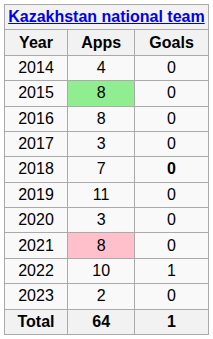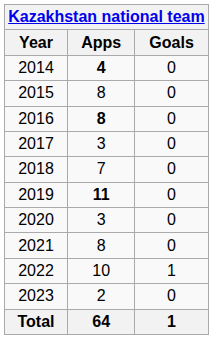 <table class=wikitable style="text-align: center;">
 <tr>
 <th colspan=3><a href='#'>Kazakhstan national team</a></th>
 </tr>
 <tr>
 <th>Year</th>
 <th>Apps</th>
 <th>Goals</th>
 </tr>
 <tr>
 <td>2014</td>
-<td>4</td>
+<td><strong>4</strong></td>
 <td>0</td>
 </tr>
 <tr>
 <td>2015</td>
-<td style="background: lightgreen;">8</td>
+<td>8</td>
 <td>0</td>
 </tr>
 <tr>
 <td>2016</td>
-<td>8</td>
+<td><strong>8</strong></td>
 <td>0</td>
 </tr>
 <tr>
 <td>2017</td>
 <td>3</td>
 <td>0</td>
 </tr>
 <tr>
 <td>2018</td>
 <td>7</td>
-<td><strong>0</strong></td>
+<td>0</td>
 </tr>
 <tr>
 <td>2019</td>
-<td>11</td>
+<td><strong>11</strong></td>
 <td>0</td>
 </tr>
 <tr>
 <td>2020</td>
 <td>3</td>
 <td>0</td>
 </tr>
 <tr>
 <td>2021</td>
-<td style="background: pink;">8</td>
+<td>8</td>
 <td>0</td>
 </tr>
 <tr>
 <td>2022</td>
 <td>10</td>
 <td>1</td>
 </tr>
 <tr>
 <td>2023</td>
 <td>2</td>
 <td>0</td>
 </tr>
 <tr>
 <th>Total</th>
 <th>64</th>
 <th>1</th>
 </tr>
 </table>
